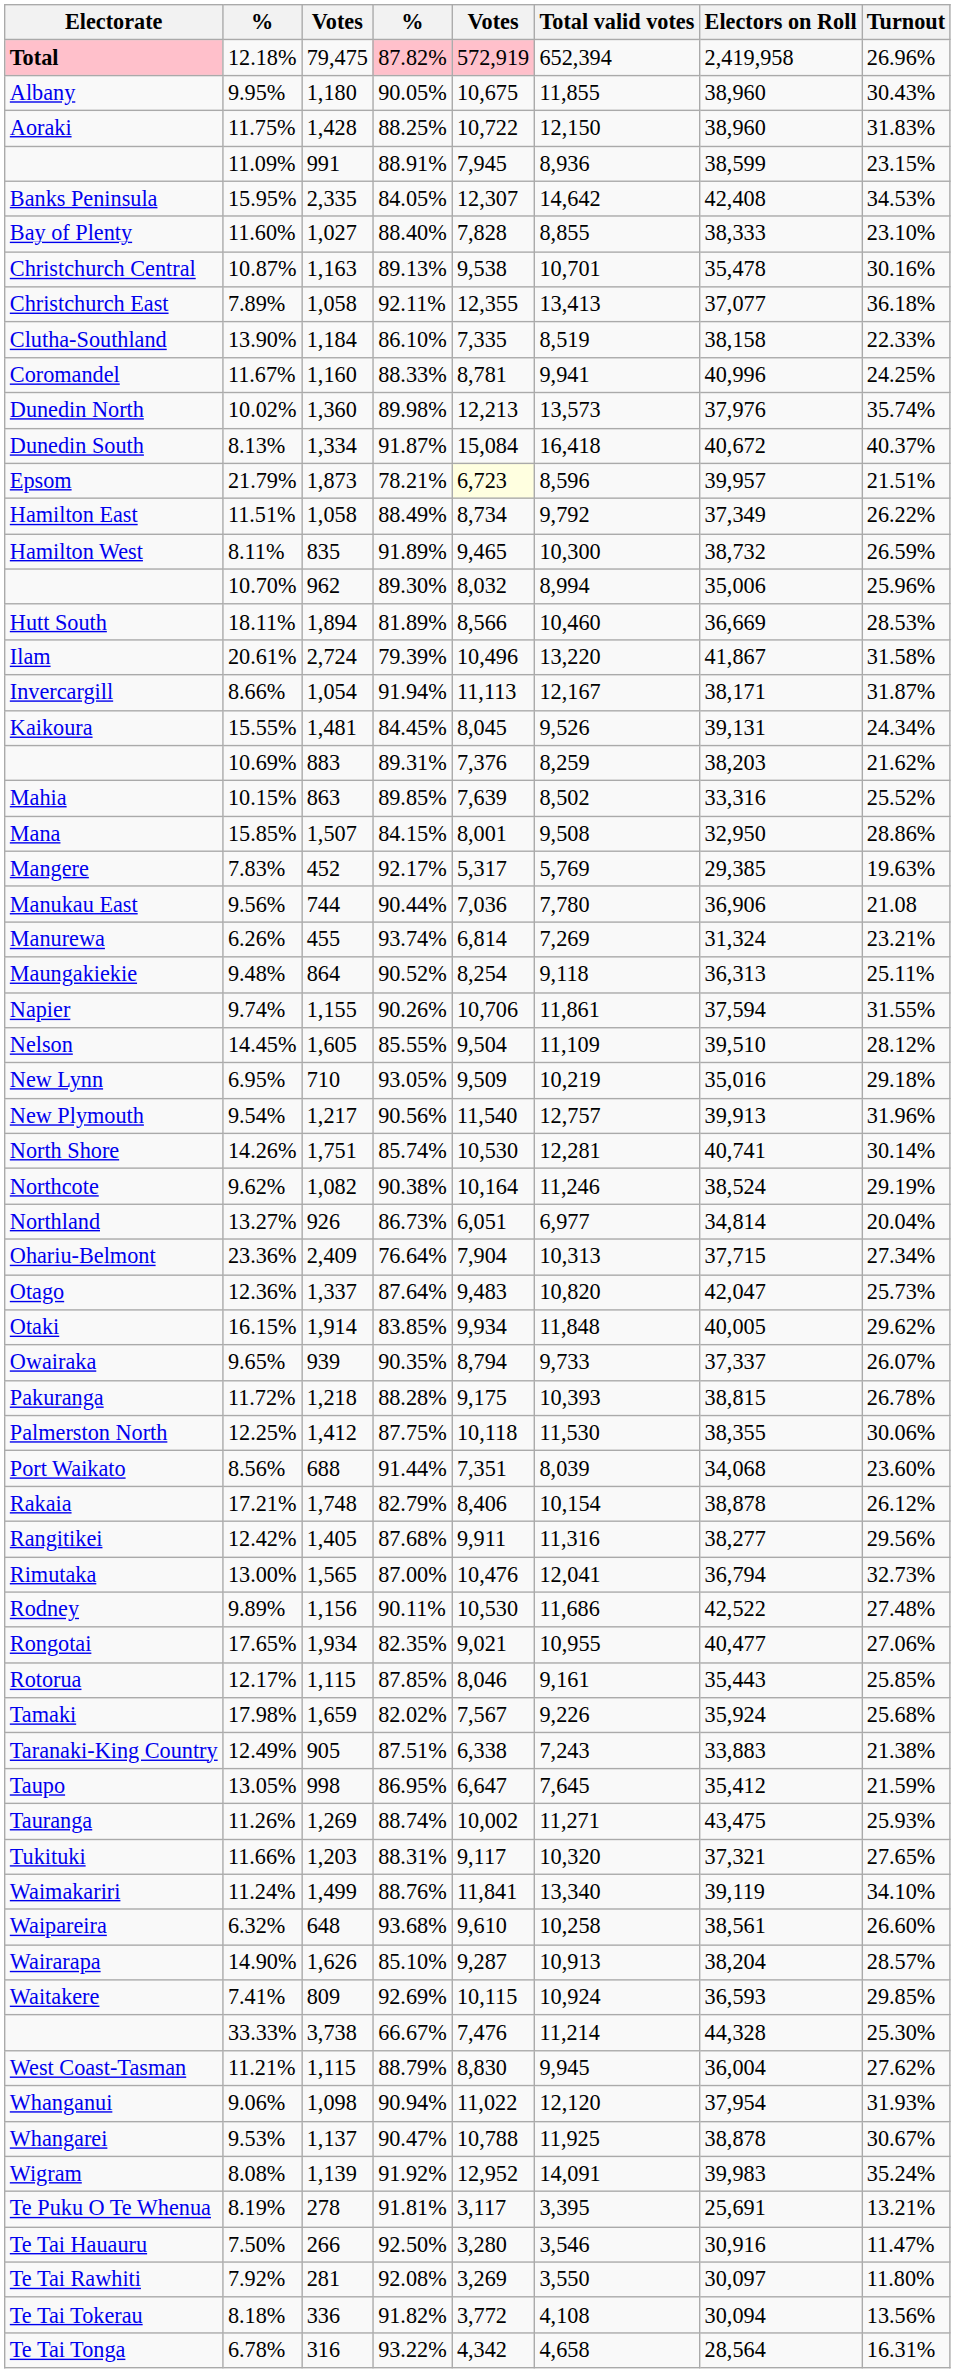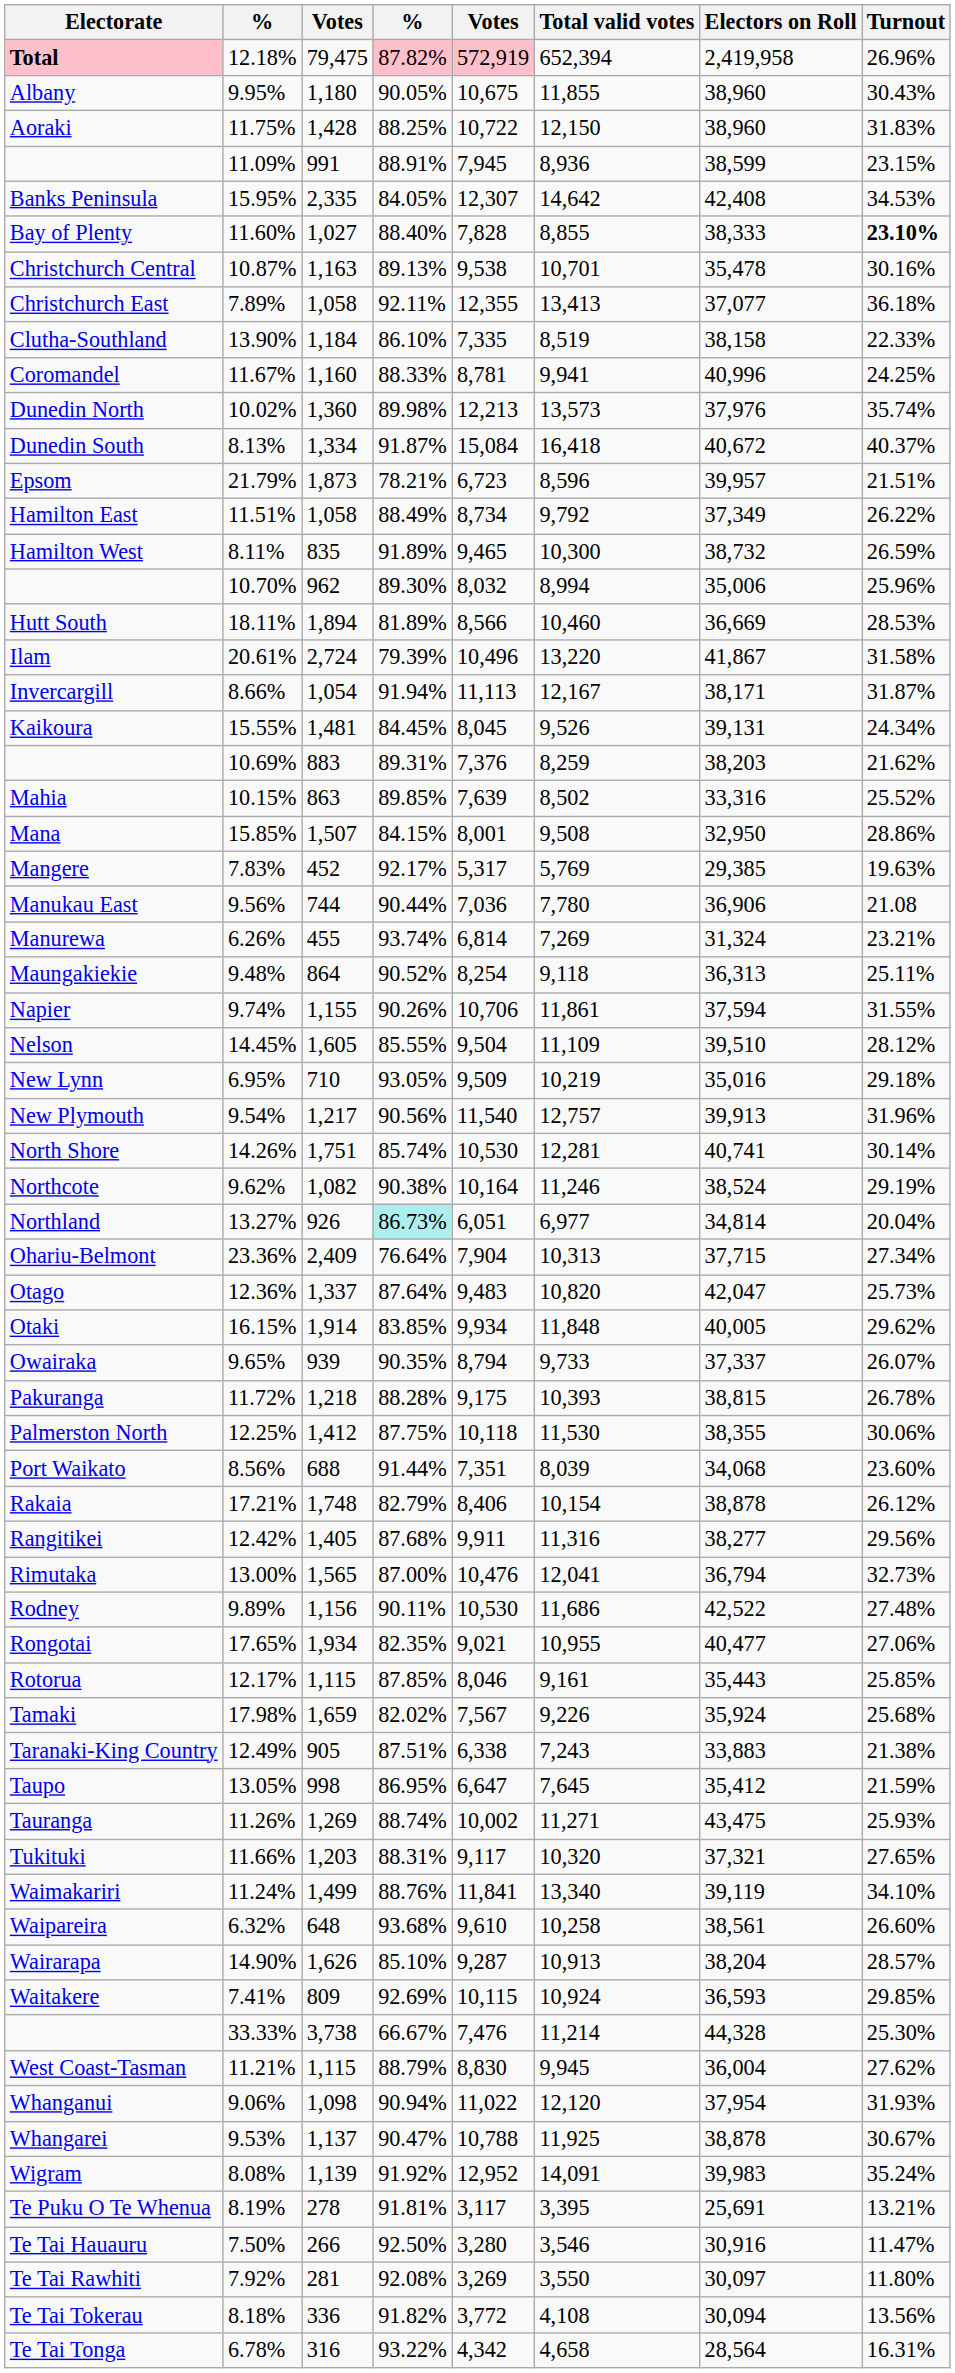 <table class="wikitable sortable">
 <tr>
 <th>Electorate</th>
 <th> %</th>
 <th>Votes</th>
 <th> %</th>
 <th>Votes</th>
 <th>Total valid votes</th>
 <th>Electors on Roll</th>
 <th>Turnout</th>
 </tr>
 <tr>
 <td bgcolor="#FFC0CB"><strong>Total</strong></td>
 <td>12.18%</td>
 <td>79,475</td>
 <td bgcolor="#FFC0CB">87.82%</td>
 <td bgcolor="#FFC0CB">572,919</td>
 <td>652,394</td>
 <td>2,419,958</td>
 <td>26.96%</td>
 </tr>
 <tr>
 <td><a href='#'>Albany</a></td>
 <td>9.95%</td>
 <td>1,180</td>
 <td>90.05%</td>
 <td>10,675</td>
 <td>11,855</td>
 <td>38,960</td>
 <td>30.43%</td>
 </tr>
 <tr>
 <td><a href='#'>Aoraki</a></td>
 <td>11.75%</td>
 <td>1,428</td>
 <td>88.25%</td>
 <td>10,722</td>
 <td>12,150</td>
 <td>38,960</td>
 <td>31.83%</td>
 </tr>
 <tr>
 <td></td>
 <td>11.09%</td>
 <td>991</td>
 <td>88.91%</td>
 <td>7,945</td>
 <td>8,936</td>
 <td>38,599</td>
 <td>23.15%</td>
 </tr>
 <tr>
 <td><a href='#'>Banks Peninsula</a></td>
 <td>15.95%</td>
 <td>2,335</td>
 <td>84.05%</td>
 <td>12,307</td>
 <td>14,642</td>
 <td>42,408</td>
 <td>34.53%</td>
 </tr>
 <tr>
 <td><a href='#'>Bay of Plenty</a></td>
 <td>11.60%</td>
 <td>1,027</td>
 <td>88.40%</td>
 <td>7,828</td>
 <td>8,855</td>
 <td>38,333</td>
-<td>23.10%</td>
+<td><strong>23.10%</strong></td>
 </tr>
 <tr>
 <td><a href='#'>Christchurch Central</a></td>
 <td>10.87%</td>
 <td>1,163</td>
 <td>89.13%</td>
 <td>9,538</td>
 <td>10,701</td>
 <td>35,478</td>
 <td>30.16%</td>
 </tr>
 <tr>
 <td><a href='#'>Christchurch East</a></td>
 <td>7.89%</td>
 <td>1,058</td>
 <td>92.11%</td>
 <td>12,355</td>
 <td>13,413</td>
 <td>37,077</td>
 <td>36.18%</td>
 </tr>
 <tr>
 <td><a href='#'>Clutha-Southland</a></td>
 <td>13.90%</td>
 <td>1,184</td>
 <td>86.10%</td>
 <td>7,335</td>
 <td>8,519</td>
 <td>38,158</td>
 <td>22.33%</td>
 </tr>
 <tr>
 <td><a href='#'>Coromandel</a></td>
 <td>11.67%</td>
 <td>1,160</td>
 <td>88.33%</td>
 <td>8,781</td>
 <td>9,941</td>
 <td>40,996</td>
 <td>24.25%</td>
 </tr>
 <tr>
 <td><a href='#'>Dunedin North</a></td>
 <td>10.02%</td>
 <td>1,360</td>
 <td>89.98%</td>
 <td>12,213</td>
 <td>13,573</td>
 <td>37,976</td>
 <td>35.74%</td>
 </tr>
 <tr>
 <td><a href='#'>Dunedin South</a></td>
 <td>8.13%</td>
 <td>1,334</td>
 <td>91.87%</td>
 <td>15,084</td>
 <td>16,418</td>
 <td>40,672</td>
 <td>40.37%</td>
 </tr>
 <tr>
 <td><a href='#'>Epsom</a></td>
 <td>21.79%</td>
 <td>1,873</td>
 <td>78.21%</td>
-<td style="background: lightyellow;">6,723</td>
+<td>6,723</td>
 <td>8,596</td>
 <td>39,957</td>
 <td>21.51%</td>
 </tr>
 <tr>
 <td><a href='#'>Hamilton East</a></td>
 <td>11.51%</td>
 <td>1,058</td>
 <td>88.49%</td>
 <td>8,734</td>
 <td>9,792</td>
 <td>37,349</td>
 <td>26.22%</td>
 </tr>
 <tr>
 <td><a href='#'>Hamilton West</a></td>
 <td>8.11%</td>
 <td>835</td>
 <td>91.89%</td>
 <td>9,465</td>
 <td>10,300</td>
 <td>38,732</td>
 <td>26.59%</td>
 </tr>
 <tr>
 <td></td>
 <td>10.70%</td>
 <td>962</td>
 <td>89.30%</td>
 <td>8,032</td>
 <td>8,994</td>
 <td>35,006</td>
 <td>25.96%</td>
 </tr>
 <tr>
 <td><a href='#'>Hutt South</a></td>
 <td>18.11%</td>
 <td>1,894</td>
 <td>81.89%</td>
 <td>8,566</td>
 <td>10,460</td>
 <td>36,669</td>
 <td>28.53%</td>
 </tr>
 <tr>
 <td><a href='#'>Ilam</a></td>
 <td>20.61%</td>
 <td>2,724</td>
 <td>79.39%</td>
 <td>10,496</td>
 <td>13,220</td>
 <td>41,867</td>
 <td>31.58%</td>
 </tr>
 <tr>
 <td><a href='#'>Invercargill</a></td>
 <td>8.66%</td>
 <td>1,054</td>
 <td>91.94%</td>
 <td>11,113</td>
 <td>12,167</td>
 <td>38,171</td>
 <td>31.87%</td>
 </tr>
 <tr>
 <td><a href='#'>Kaikoura</a></td>
 <td>15.55%</td>
 <td>1,481</td>
 <td>84.45%</td>
 <td>8,045</td>
 <td>9,526</td>
 <td>39,131</td>
 <td>24.34%</td>
 </tr>
 <tr>
 <td></td>
 <td>10.69%</td>
 <td>883</td>
 <td>89.31%</td>
 <td>7,376</td>
 <td>8,259</td>
 <td>38,203</td>
 <td>21.62%</td>
 </tr>
 <tr>
 <td><a href='#'>Mahia</a></td>
 <td>10.15%</td>
 <td>863</td>
 <td>89.85%</td>
 <td>7,639</td>
 <td>8,502</td>
 <td>33,316</td>
 <td>25.52%</td>
 </tr>
 <tr>
 <td><a href='#'>Mana</a></td>
 <td>15.85%</td>
 <td>1,507</td>
 <td>84.15%</td>
 <td>8,001</td>
 <td>9,508</td>
 <td>32,950</td>
 <td>28.86%</td>
 </tr>
 <tr>
 <td><a href='#'>Mangere</a></td>
 <td>7.83%</td>
 <td>452</td>
 <td>92.17%</td>
 <td>5,317</td>
 <td>5,769</td>
 <td>29,385</td>
 <td>19.63%</td>
 </tr>
 <tr>
 <td><a href='#'>Manukau East</a></td>
 <td>9.56%</td>
 <td>744</td>
 <td>90.44%</td>
 <td>7,036</td>
 <td>7,780</td>
 <td>36,906</td>
 <td>21.08</td>
 </tr>
 <tr>
 <td><a href='#'>Manurewa</a></td>
 <td>6.26%</td>
 <td>455</td>
 <td>93.74%</td>
 <td>6,814</td>
 <td>7,269</td>
 <td>31,324</td>
 <td>23.21%</td>
 </tr>
 <tr>
 <td><a href='#'>Maungakiekie</a></td>
 <td>9.48%</td>
 <td>864</td>
 <td>90.52%</td>
 <td>8,254</td>
 <td>9,118</td>
 <td>36,313</td>
 <td>25.11%</td>
 </tr>
 <tr>
 <td><a href='#'>Napier</a></td>
 <td>9.74%</td>
 <td>1,155</td>
 <td>90.26%</td>
 <td>10,706</td>
 <td>11,861</td>
 <td>37,594</td>
 <td>31.55%</td>
 </tr>
 <tr>
 <td><a href='#'>Nelson</a></td>
 <td>14.45%</td>
 <td>1,605</td>
 <td>85.55%</td>
 <td>9,504</td>
 <td>11,109</td>
 <td>39,510</td>
 <td>28.12%</td>
 </tr>
 <tr>
 <td><a href='#'>New Lynn</a></td>
 <td>6.95%</td>
 <td>710</td>
 <td>93.05%</td>
 <td>9,509</td>
 <td>10,219</td>
 <td>35,016</td>
 <td>29.18%</td>
 </tr>
 <tr>
 <td><a href='#'>New Plymouth</a></td>
 <td>9.54%</td>
 <td>1,217</td>
 <td>90.56%</td>
 <td>11,540</td>
 <td>12,757</td>
 <td>39,913</td>
 <td>31.96%</td>
 </tr>
 <tr>
 <td><a href='#'>North Shore</a></td>
 <td>14.26%</td>
 <td>1,751</td>
 <td>85.74%</td>
 <td>10,530</td>
 <td>12,281</td>
 <td>40,741</td>
 <td>30.14%</td>
 </tr>
 <tr>
 <td><a href='#'>Northcote</a></td>
 <td>9.62%</td>
 <td>1,082</td>
 <td>90.38%</td>
 <td>10,164</td>
 <td>11,246</td>
 <td>38,524</td>
 <td>29.19%</td>
 </tr>
 <tr>
 <td><a href='#'>Northland</a></td>
 <td>13.27%</td>
 <td>926</td>
-<td>86.73%</td>
+<td style="background: paleturquoise;">86.73%</td>
 <td>6,051</td>
 <td>6,977</td>
 <td>34,814</td>
 <td>20.04%</td>
 </tr>
 <tr>
 <td><a href='#'>Ohariu-Belmont</a></td>
 <td>23.36%</td>
 <td>2,409</td>
 <td>76.64%</td>
 <td>7,904</td>
 <td>10,313</td>
 <td>37,715</td>
 <td>27.34%</td>
 </tr>
 <tr>
 <td><a href='#'>Otago</a></td>
 <td>12.36%</td>
 <td>1,337</td>
 <td>87.64%</td>
 <td>9,483</td>
 <td>10,820</td>
 <td>42,047</td>
 <td>25.73%</td>
 </tr>
 <tr>
 <td><a href='#'>Otaki</a></td>
 <td>16.15%</td>
 <td>1,914</td>
 <td>83.85%</td>
 <td>9,934</td>
 <td>11,848</td>
 <td>40,005</td>
 <td>29.62%</td>
 </tr>
 <tr>
 <td><a href='#'>Owairaka</a></td>
 <td>9.65%</td>
 <td>939</td>
 <td>90.35%</td>
 <td>8,794</td>
 <td>9,733</td>
 <td>37,337</td>
 <td>26.07%</td>
 </tr>
 <tr>
 <td><a href='#'>Pakuranga</a></td>
 <td>11.72%</td>
 <td>1,218</td>
 <td>88.28%</td>
 <td>9,175</td>
 <td>10,393</td>
 <td>38,815</td>
 <td>26.78%</td>
 </tr>
 <tr>
 <td><a href='#'>Palmerston North</a></td>
 <td>12.25%</td>
 <td>1,412</td>
 <td>87.75%</td>
 <td>10,118</td>
 <td>11,530</td>
 <td>38,355</td>
 <td>30.06%</td>
 </tr>
 <tr>
 <td><a href='#'>Port Waikato</a></td>
 <td>8.56%</td>
 <td>688</td>
 <td>91.44%</td>
 <td>7,351</td>
 <td>8,039</td>
 <td>34,068</td>
 <td>23.60%</td>
 </tr>
 <tr>
 <td><a href='#'>Rakaia</a></td>
 <td>17.21%</td>
 <td>1,748</td>
 <td>82.79%</td>
 <td>8,406</td>
 <td>10,154</td>
 <td>38,878</td>
 <td>26.12%</td>
 </tr>
 <tr>
 <td><a href='#'>Rangitikei</a></td>
 <td>12.42%</td>
 <td>1,405</td>
 <td>87.68%</td>
 <td>9,911</td>
 <td>11,316</td>
 <td>38,277</td>
 <td>29.56%</td>
 </tr>
 <tr>
 <td><a href='#'>Rimutaka</a></td>
 <td>13.00%</td>
 <td>1,565</td>
 <td>87.00%</td>
 <td>10,476</td>
 <td>12,041</td>
 <td>36,794</td>
 <td>32.73%</td>
 </tr>
 <tr>
 <td><a href='#'>Rodney</a></td>
 <td>9.89%</td>
 <td>1,156</td>
 <td>90.11%</td>
 <td>10,530</td>
 <td>11,686</td>
 <td>42,522</td>
 <td>27.48%</td>
 </tr>
 <tr>
 <td><a href='#'>Rongotai</a></td>
 <td>17.65%</td>
 <td>1,934</td>
 <td>82.35%</td>
 <td>9,021</td>
 <td>10,955</td>
 <td>40,477</td>
 <td>27.06%</td>
 </tr>
 <tr>
 <td><a href='#'>Rotorua</a></td>
 <td>12.17%</td>
 <td>1,115</td>
 <td>87.85%</td>
 <td>8,046</td>
 <td>9,161</td>
 <td>35,443</td>
 <td>25.85%</td>
 </tr>
 <tr>
 <td><a href='#'>Tamaki</a></td>
 <td>17.98%</td>
 <td>1,659</td>
 <td>82.02%</td>
 <td>7,567</td>
 <td>9,226</td>
 <td>35,924</td>
 <td>25.68%</td>
 </tr>
 <tr>
 <td><a href='#'>Taranaki-King Country</a></td>
 <td>12.49%</td>
 <td>905</td>
 <td>87.51%</td>
 <td>6,338</td>
 <td>7,243</td>
 <td>33,883</td>
 <td>21.38%</td>
 </tr>
 <tr>
 <td><a href='#'>Taupo</a></td>
 <td>13.05%</td>
 <td>998</td>
 <td>86.95%</td>
 <td>6,647</td>
 <td>7,645</td>
 <td>35,412</td>
 <td>21.59%</td>
 </tr>
 <tr>
 <td><a href='#'>Tauranga</a></td>
 <td>11.26%</td>
 <td>1,269</td>
 <td>88.74%</td>
 <td>10,002</td>
 <td>11,271</td>
 <td>43,475</td>
 <td>25.93%</td>
 </tr>
 <tr>
 <td><a href='#'>Tukituki</a></td>
 <td>11.66%</td>
 <td>1,203</td>
 <td>88.31%</td>
 <td>9,117</td>
 <td>10,320</td>
 <td>37,321</td>
 <td>27.65%</td>
 </tr>
 <tr>
 <td><a href='#'>Waimakariri</a></td>
 <td>11.24%</td>
 <td>1,499</td>
 <td>88.76%</td>
 <td>11,841</td>
 <td>13,340</td>
 <td>39,119</td>
 <td>34.10%</td>
 </tr>
 <tr>
 <td><a href='#'>Waipareira</a></td>
 <td>6.32%</td>
 <td>648</td>
 <td>93.68%</td>
 <td>9,610</td>
 <td>10,258</td>
 <td>38,561</td>
 <td>26.60%</td>
 </tr>
 <tr>
 <td><a href='#'>Wairarapa</a></td>
 <td>14.90%</td>
 <td>1,626</td>
 <td>85.10%</td>
 <td>9,287</td>
 <td>10,913</td>
 <td>38,204</td>
 <td>28.57%</td>
 </tr>
 <tr>
 <td><a href='#'>Waitakere</a></td>
 <td>7.41%</td>
 <td>809</td>
 <td>92.69%</td>
 <td>10,115</td>
 <td>10,924</td>
 <td>36,593</td>
 <td>29.85%</td>
 </tr>
 <tr>
 <td></td>
 <td>33.33%</td>
 <td>3,738</td>
 <td>66.67%</td>
 <td>7,476</td>
 <td>11,214</td>
 <td>44,328</td>
 <td>25.30%</td>
 </tr>
 <tr>
 <td><a href='#'>West Coast-Tasman</a></td>
 <td>11.21%</td>
 <td>1,115</td>
 <td>88.79%</td>
 <td>8,830</td>
 <td>9,945</td>
 <td>36,004</td>
 <td>27.62%</td>
 </tr>
 <tr>
 <td><a href='#'>Whanganui</a></td>
 <td>9.06%</td>
 <td>1,098</td>
 <td>90.94%</td>
 <td>11,022</td>
 <td>12,120</td>
 <td>37,954</td>
 <td>31.93%</td>
 </tr>
 <tr>
 <td><a href='#'>Whangarei</a></td>
 <td>9.53%</td>
 <td>1,137</td>
 <td>90.47%</td>
 <td>10,788</td>
 <td>11,925</td>
 <td>38,878</td>
 <td>30.67%</td>
 </tr>
 <tr>
 <td><a href='#'>Wigram</a></td>
 <td>8.08%</td>
 <td>1,139</td>
 <td>91.92%</td>
 <td>12,952</td>
 <td>14,091</td>
 <td>39,983</td>
 <td>35.24%</td>
 </tr>
 <tr>
 <td><a href='#'>Te Puku O Te Whenua</a></td>
 <td>8.19%</td>
 <td>278</td>
 <td>91.81%</td>
 <td>3,117</td>
 <td>3,395</td>
 <td>25,691</td>
 <td>13.21%</td>
 </tr>
 <tr>
 <td><a href='#'>Te Tai Hauauru</a></td>
 <td>7.50%</td>
 <td>266</td>
 <td>92.50%</td>
 <td>3,280</td>
 <td>3,546</td>
 <td>30,916</td>
 <td>11.47%</td>
 </tr>
 <tr>
 <td><a href='#'>Te Tai Rawhiti</a></td>
 <td>7.92%</td>
 <td>281</td>
 <td>92.08%</td>
 <td>3,269</td>
 <td>3,550</td>
 <td>30,097</td>
 <td>11.80%</td>
 </tr>
 <tr>
 <td><a href='#'>Te Tai Tokerau</a></td>
 <td>8.18%</td>
 <td>336</td>
 <td>91.82%</td>
 <td>3,772</td>
 <td>4,108</td>
 <td>30,094</td>
 <td>13.56%</td>
 </tr>
 <tr>
 <td><a href='#'>Te Tai Tonga</a></td>
 <td>6.78%</td>
 <td>316</td>
 <td>93.22%</td>
 <td>4,342</td>
 <td>4,658</td>
 <td>28,564</td>
 <td>16.31%</td>
 </tr>
 </table>
